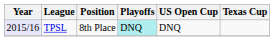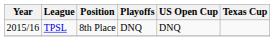 <table class="wikitable sortable">
 <tr>
 <th>Year</th>
 <th>League</th>
 <th>Position</th>
 <th>Playoffs</th>
 <th>US Open Cup</th>
 <th>Texas Cup</th>
 </tr>
 <tr>
-<td style="background: lavender;">2015/16</td>
+<td>2015/16</td>
 <td><a href='#'>TPSL</a></td>
 <td>8th Place</td>
-<td style="background: paleturquoise;">DNQ</td>
+<td>DNQ</td>
 <td>DNQ</td>
 <td></td>
 </tr>
 <tr>
 </tr>
 </table>
